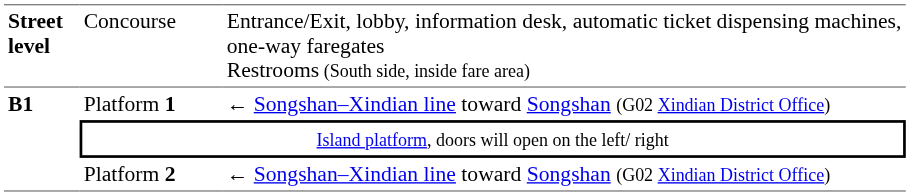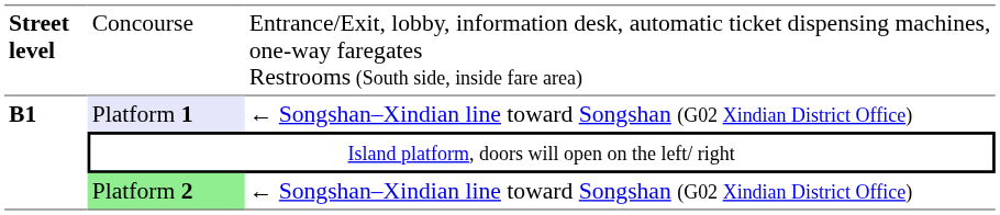 <table table border=0 cellspacing=0 cellpadding=3>
 <tr>
 <td style="border-bottom:solid 1px gray;border-top:solid 1px gray;" width=50 valign=top><strong>Street level</strong></td>
 <td style="border-top:solid 1px gray;border-bottom:solid 1px gray;" width=100 valign=top>Concourse</td>
 <td style="border-top:solid 1px gray;border-bottom:solid 1px gray;" width=500 valign=top>Entrance/Exit, lobby, information desk, automatic ticket dispensing machines, one-way faregates<br>Restrooms<small> (South side, inside fare area)</small></td>
 </tr>
 <tr>
 <td style="border-bottom:solid 1px gray;" width=50 rowspan=10 valign=top><strong>B1</strong></td>
 </tr>
 <tr>
-<td>Platform <span><strong>1</strong></span></td>
+<td style="background: lavender;">Platform <span><strong>1</strong></span></td>
 <td>←  <a href='#'>Songshan–Xindian line</a> toward <a href='#'>Songshan</a> <small>(G02 <a href='#'>Xindian District Office</a>)</small></td>
 </tr>
 <tr>
 <td style="border-top:solid 2px black;border-right:solid 2px black;border-left:solid 2px black;border-bottom:solid 2px black;text-align:center;" colspan=2><small><a href='#'>Island platform</a>, doors will open on the left/ right</small></td>
 </tr>
 <tr>
-<td style="border-bottom:solid 1px gray;">Platform <span><strong>2</strong></span></td>
+<td style="background: lightgreen; border-bottom:solid 1px gray;">Platform <span><strong>2</strong></span></td>
 <td style="border-bottom:solid 1px gray;">←  <a href='#'>Songshan–Xindian line</a> toward <a href='#'>Songshan</a> <small>(G02 <a href='#'>Xindian District Office</a>)</small></td>
 </tr>
 </table>
